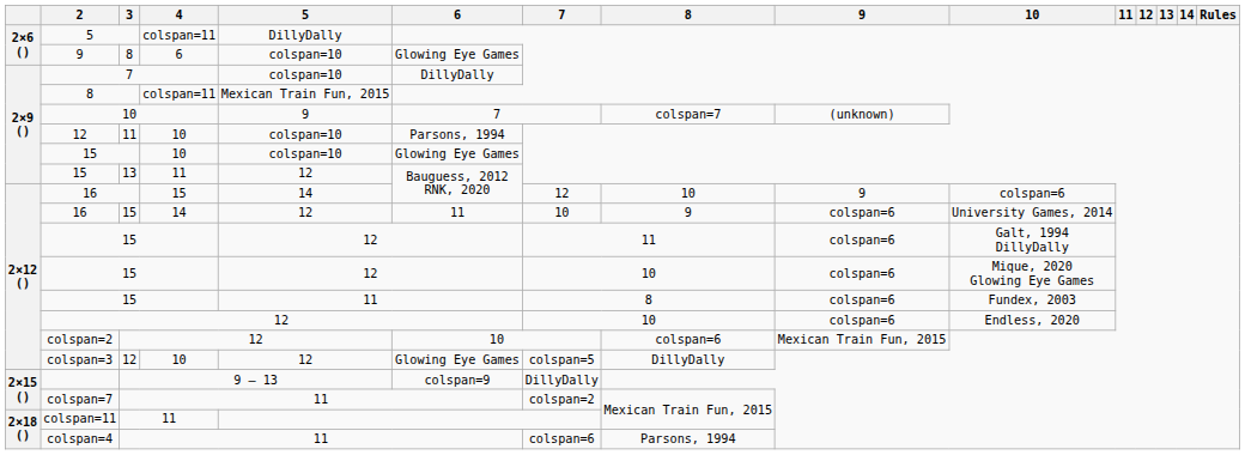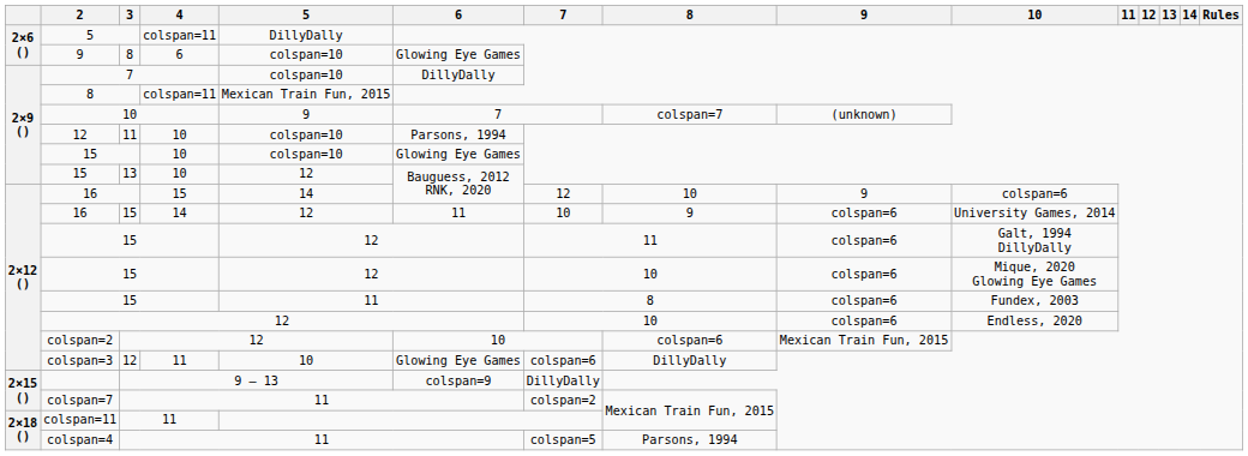 <table class="wikitable" style="font-size:100%;text-align:center;">
 <tr>
 <th></th>
 <th>2</th>
 <th>3</th>
 <th>4</th>
 <th>5</th>
 <th>6</th>
 <th>7</th>
 <th>8</th>
 <th>9</th>
 <th>10</th>
 <th>11</th>
 <th>12</th>
 <th>13</th>
 <th>14</th>
 <th>Rules</th>
 </tr>
 <tr>
 <th rowspan=2>2×6<br>()</th>
 <td colspan=2>5</td>
 <td>colspan=11 </td>
 <td>DillyDally</td>
 </tr>
 <tr>
 <td>9</td>
 <td>8</td>
 <td>6</td>
 <td>colspan=10 </td>
 <td>Glowing Eye Games</td>
 </tr>
 <tr>
 <th rowspan=6>2×9<br>()</th>
 <td colspan=3>7</td>
 <td>colspan=10 </td>
 <td>DillyDally</td>
 </tr>
 <tr>
 <td colspan=2>8</td>
 <td>colspan=11 </td>
 <td>Mexican Train Fun, 2015</td>
 </tr>
 <tr>
 <td colspan=3>10</td>
 <td>9</td>
 <td colspan=2>7</td>
 <td>colspan=7 </td>
 <td>(unknown)</td>
 </tr>
 <tr>
 <td>12</td>
 <td>11</td>
 <td>10</td>
 <td>colspan=10 </td>
 <td>Parsons, 1994</td>
 </tr>
 <tr>
 <td colspan=2>15</td>
 <td>10</td>
 <td>colspan=10 </td>
 <td>Glowing Eye Games</td>
 </tr>
 <tr>
 <td>15</td>
 <td>13</td>
-<td>11</td>
+<td>10</td>
 <td>12</td>
 <td rowspan=2>Bauguess, 2012<br>RNK, 2020</td>
 </tr>
 <tr>
 <th rowspan=8>2×12<br>()</th>
 <td colspan=2>16</td>
 <td>15</td>
 <td>14</td>
 <td>12</td>
 <td>10</td>
 <td>9</td>
 <td>colspan=6 </td>
 </tr>
 <tr>
 <td>16</td>
 <td>15</td>
 <td>14</td>
 <td>12</td>
 <td>11</td>
 <td>10</td>
 <td>9</td>
 <td>colspan=6 </td>
 <td>University Games, 2014</td>
 </tr>
 <tr>
 <td colspan=3>15</td>
 <td colspan=2>12</td>
 <td colspan=2>11</td>
 <td>colspan=6 </td>
 <td>Galt, 1994<br>DillyDally</td>
 </tr>
 <tr>
 <td colspan=3>15</td>
 <td colspan=2>12</td>
 <td colspan=2>10</td>
 <td>colspan=6 </td>
 <td>Mique, 2020<br>Glowing Eye Games</td>
 </tr>
 <tr>
 <td colspan=3>15</td>
 <td colspan=2>11</td>
 <td colspan=2>8</td>
 <td>colspan=6 </td>
 <td>Fundex, 2003</td>
 </tr>
 <tr>
 <td colspan=5>12</td>
 <td colspan=2>10</td>
 <td>colspan=6 </td>
 <td>Endless, 2020</td>
 </tr>
 <tr>
 <td>colspan=2 </td>
 <td colspan=3>12</td>
 <td colspan=2>10</td>
 <td>colspan=6 </td>
 <td>Mexican Train Fun, 2015</td>
 </tr>
 <tr>
 <td>colspan=3 </td>
 <td>12</td>
+<td>11</td>
 <td>10</td>
-<td>12</td>
 <td>Glowing Eye Games</td>
-<td>colspan=5 </td>
+<td>colspan=6 </td>
 <td>DillyDally</td>
 </tr>
 <tr>
 <th rowspan=2>2×15<br>()</th>
 <td></td>
 <td colspan=3>9 – 13</td>
 <td>colspan=9 </td>
 <td>DillyDally</td>
 </tr>
 <tr>
 <td>colspan=7 </td>
 <td colspan=4>11</td>
 <td>colspan=2 </td>
 <td rowspan=2>Mexican Train Fun, 2015</td>
 </tr>
 <tr>
 <th rowspan=2>2×18<br>()</th>
 <td>colspan=11 </td>
 <td colspan=2>11</td>
 </tr>
 <tr>
 <td>colspan=4 </td>
 <td colspan=4>11</td>
-<td>colspan=6 </td>
+<td>colspan=5 </td>
 <td>Parsons, 1994</td>
 </tr>
 </table>
